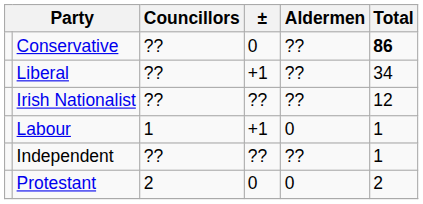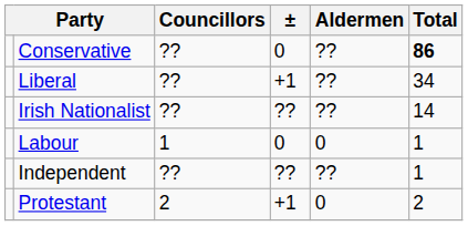 <table class="wikitable">
 <tr>
 <th colspan="2">Party</th>
 <th>Councillors</th>
 <th>  ±  </th>
 <th>Aldermen</th>
 <th>Total</th>
 </tr>
 <tr>
 <td style="background-color: "></td>
 <td><a href='#'>Conservative</a></td>
 <td>??</td>
 <td>0</td>
 <td>??</td>
 <td><strong>86</strong></td>
 </tr>
 <tr>
 <td style="background-color: "></td>
 <td><a href='#'>Liberal</a></td>
 <td>??</td>
 <td>+1</td>
 <td>??</td>
 <td>34</td>
 </tr>
 <tr>
 <td style="background-color: "></td>
 <td><a href='#'>Irish Nationalist</a></td>
 <td>??</td>
 <td>??</td>
 <td>??</td>
-<td>12</td>
+<td>14</td>
 </tr>
 <tr>
 <td style="background-color: "></td>
 <td><a href='#'>Labour</a></td>
 <td>1</td>
-<td>+1</td>
+<td>0</td>
 <td>0</td>
 <td>1</td>
 </tr>
 <tr>
 <td style="background-color: "></td>
 <td>Independent</td>
 <td>??</td>
 <td>??</td>
 <td>??</td>
 <td>1</td>
 </tr>
 <tr>
 <td style="background-color: "></td>
 <td><a href='#'>Protestant</a></td>
 <td>2</td>
-<td>0</td>
+<td>+1</td>
 <td>0</td>
 <td>2</td>
 </tr>
 <tr>
 </tr>
 </table>
